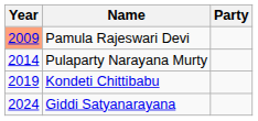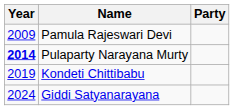 <table class="wikitable sortable">
 <tr>
 <th>Year</th>
 <th>Name</th>
 <th colspan=2>Party</th>
 </tr>
 <tr>
-<td style="background: lightsalmon;"><a href='#'>2009</a></td>
+<td><a href='#'>2009</a></td>
 <td>Pamula Rajeswari Devi</td>
 <td></td>
 </tr>
 <tr>
-<td><a href='#'>2014</a></td>
+<td><strong><a href='#'>2014</a></strong></td>
 <td>Pulaparty Narayana Murty</td>
 <td></td>
 </tr>
 <tr>
 <td><a href='#'>2019</a></td>
 <td><a href='#'>Kondeti Chittibabu</a></td>
 <td></td>
 </tr>
 <tr>
 <td><a href='#'>2024</a></td>
 <td><a href='#'>Giddi Satyanarayana</a></td>
 <td></td>
 </tr>
 </table>
